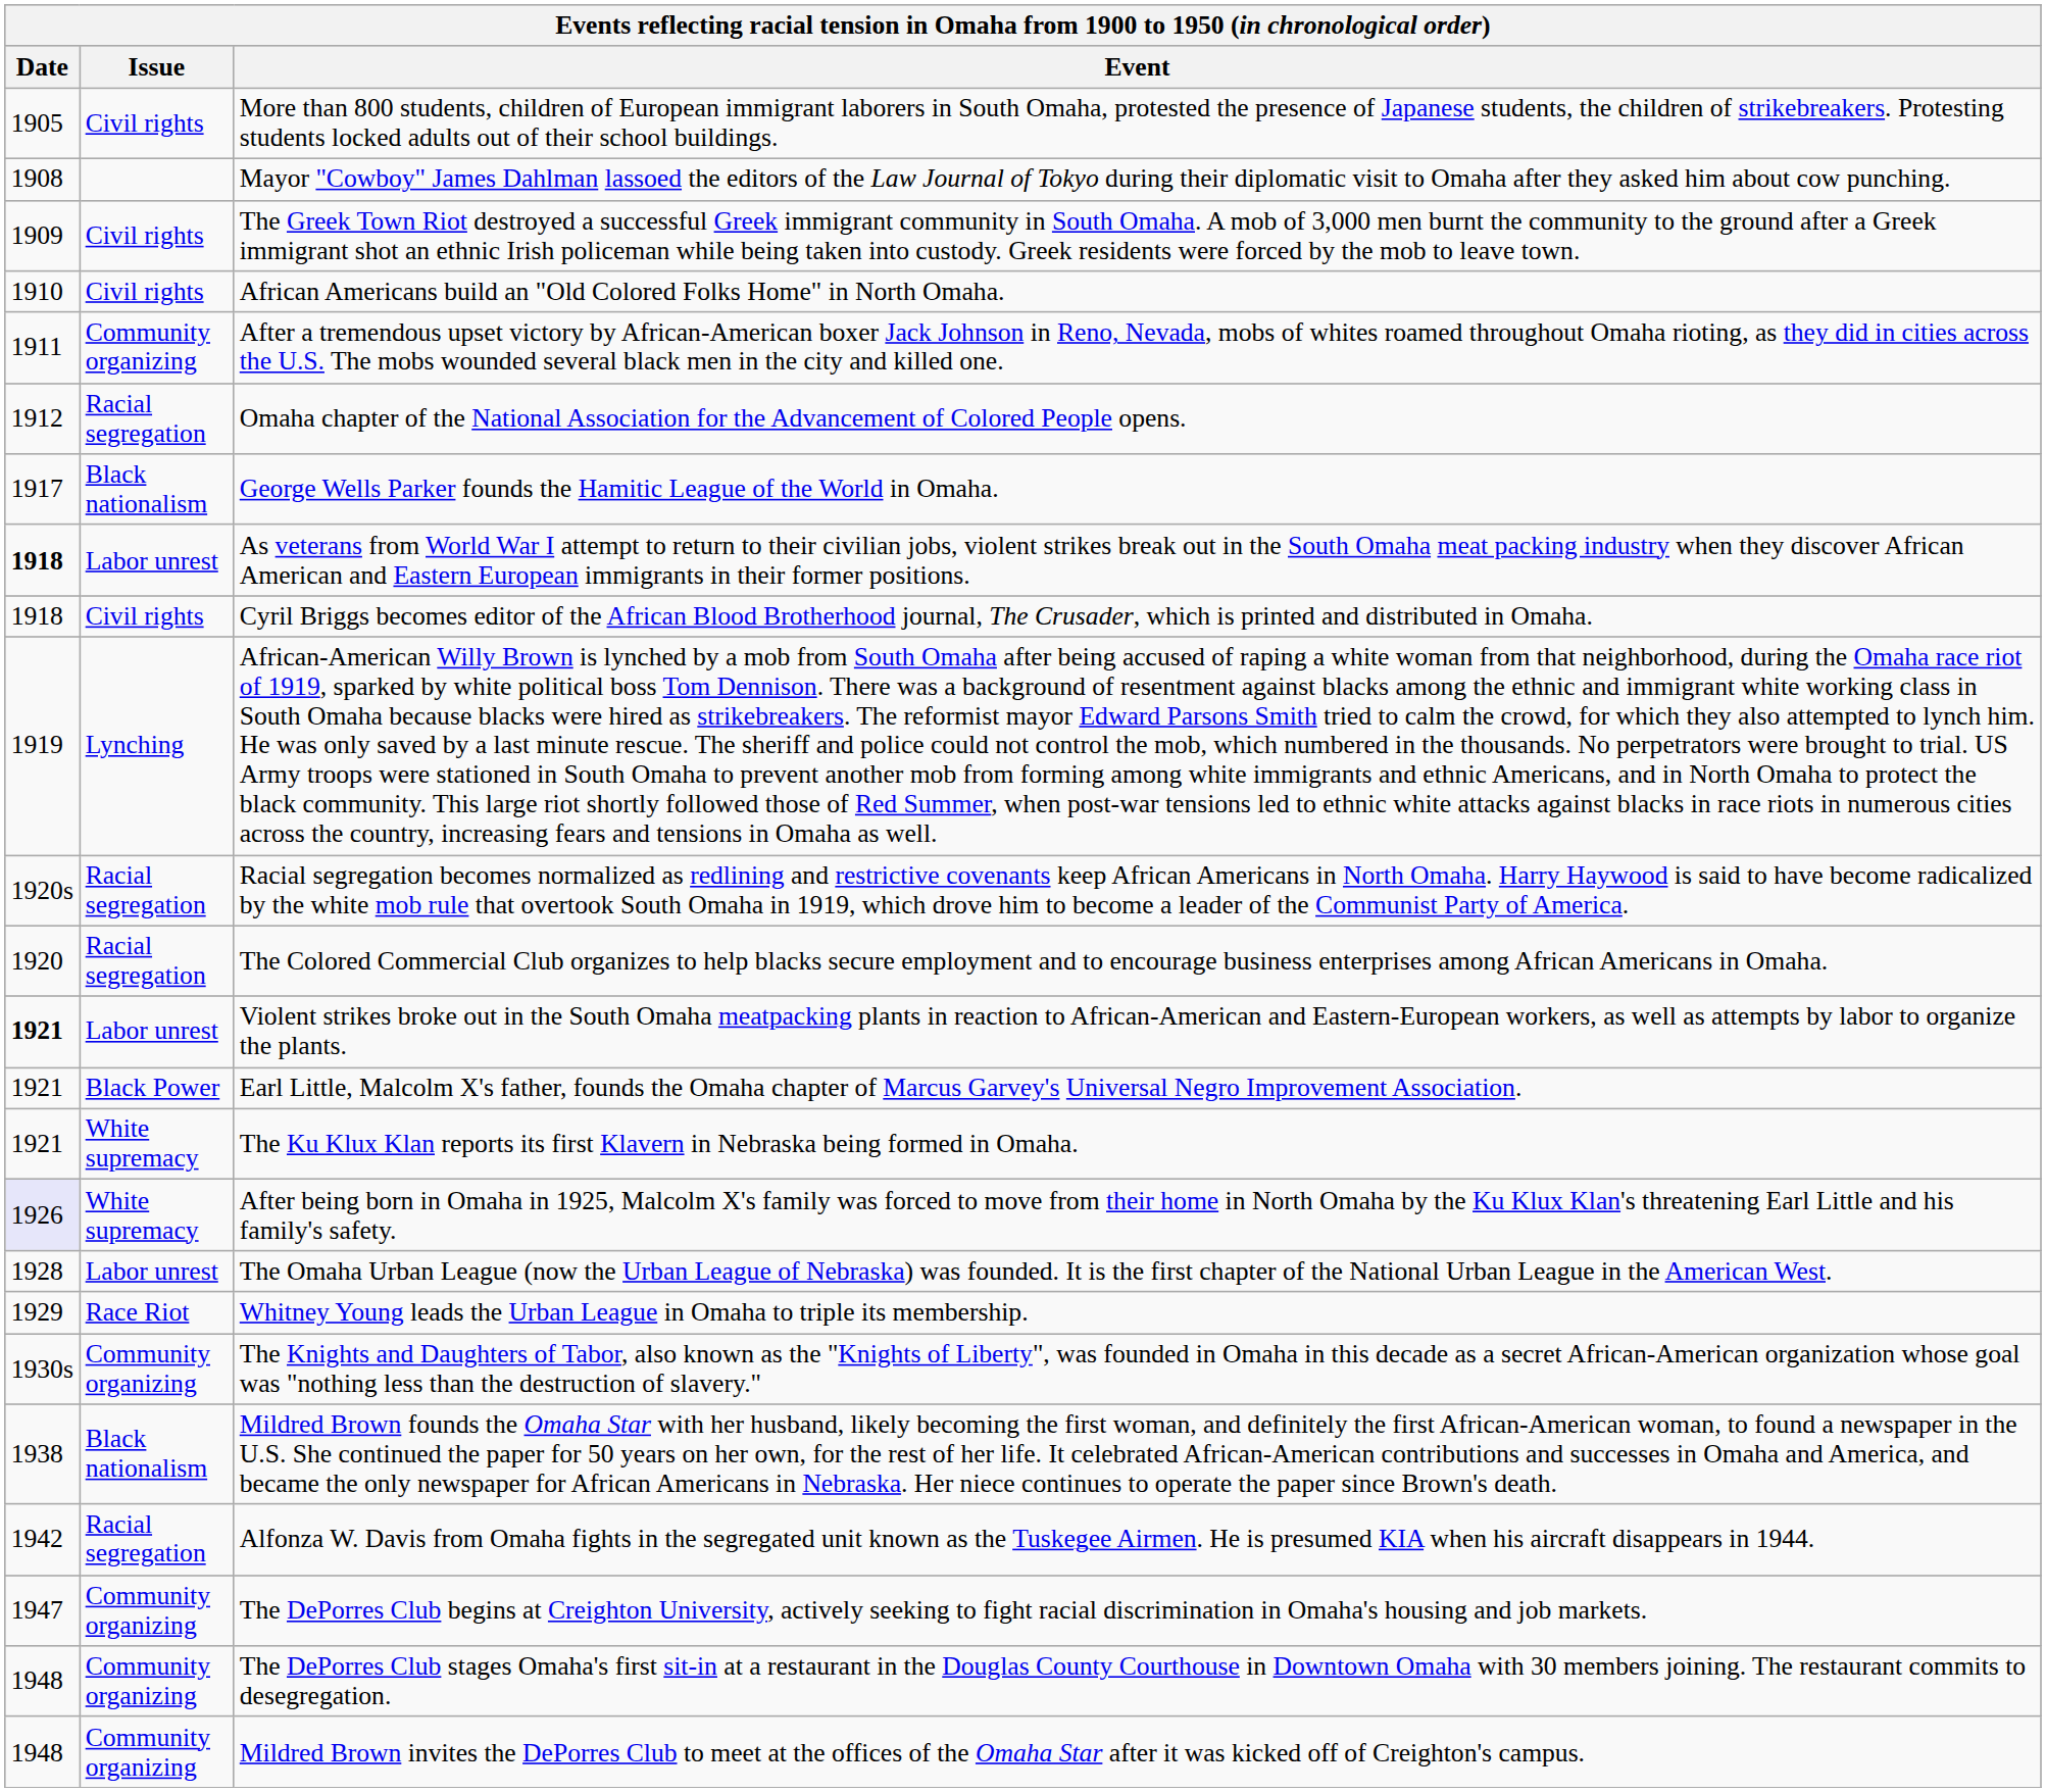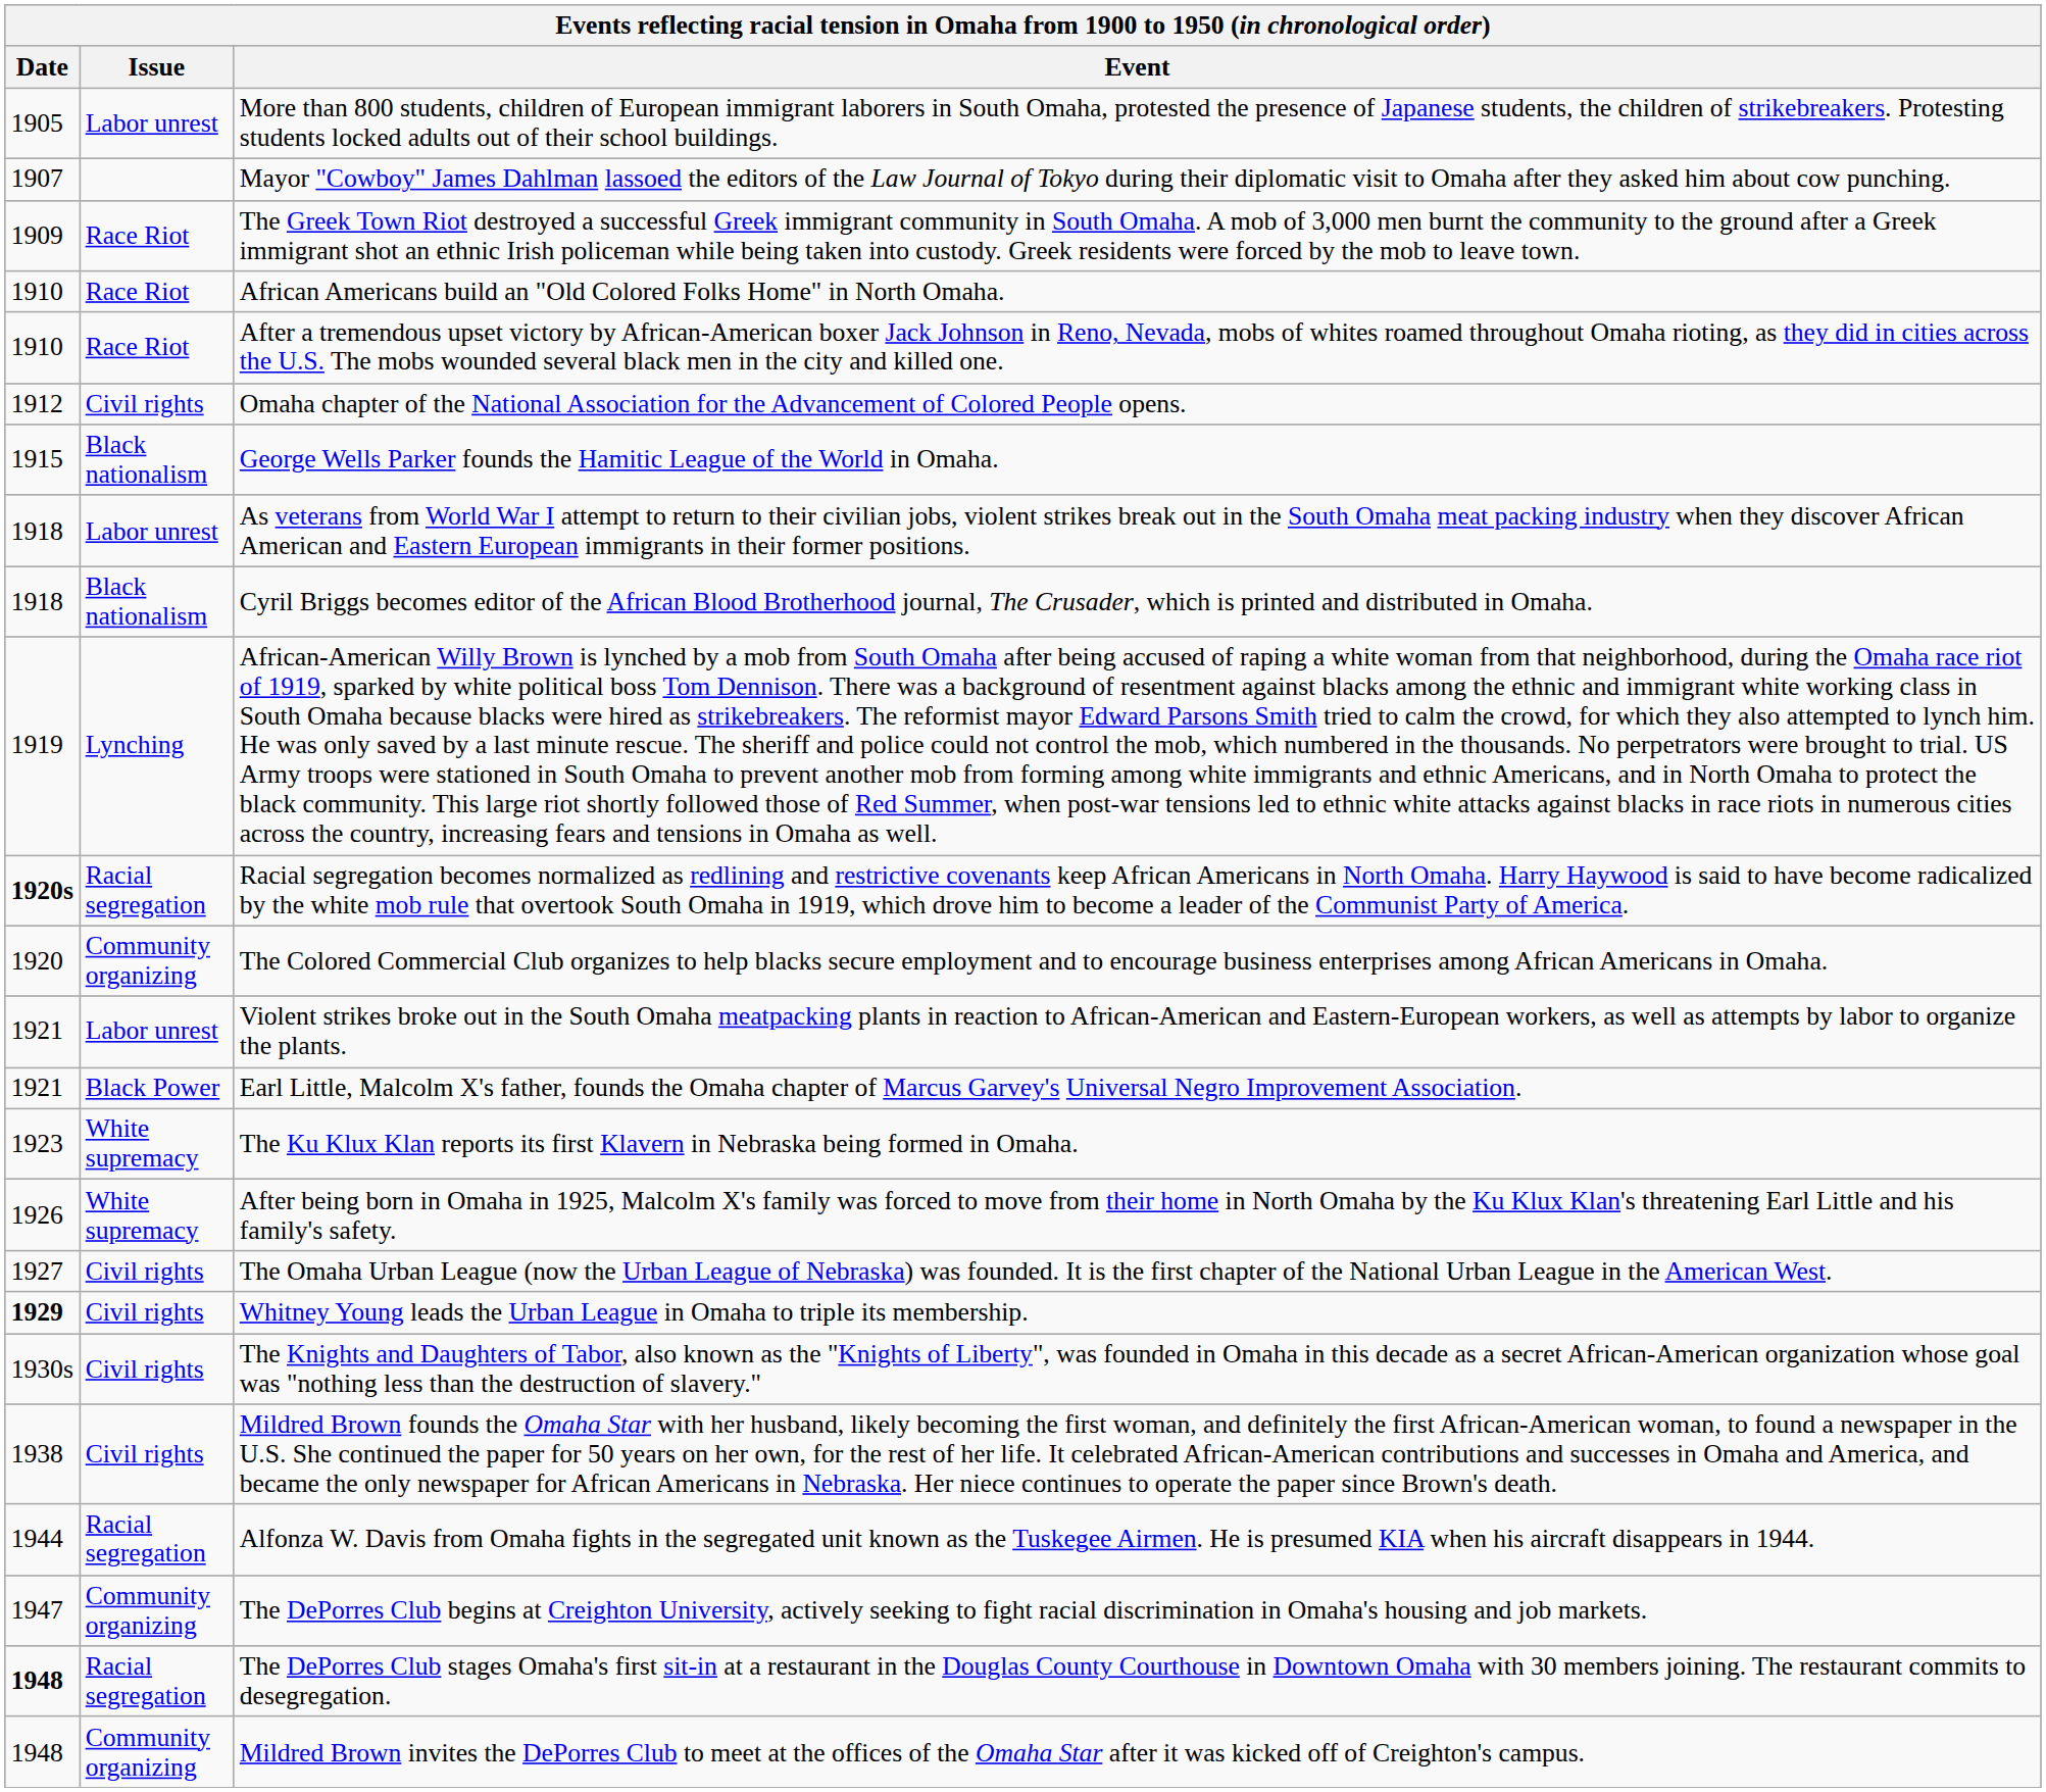 <table class="wikitable">
 <tr>
 <th align="center" colspan="6"><strong>Events reflecting racial tension in Omaha from 1900 to 1950</strong> (<em>in chronological order</em>)</th>
 </tr>
 <tr>
 <th>Date</th>
 <th>Issue</th>
 <th>Event</th>
 </tr>
 <tr>
 <td>1905</td>
-<td><a href='#'>Civil rights</a></td>
+<td><a href='#'>Labor unrest</a></td>
 <td>More than 800 students, children of European immigrant laborers in South Omaha, protested the presence of <a href='#'>Japanese</a> students, the children of <a href='#'>strikebreakers</a>. Protesting students locked adults out of their school buildings.</td>
 </tr>
 <tr>
-<td>1908</td>
+<td>1907</td>
 <td></td>
 <td>Mayor <a href='#'>"Cowboy" James Dahlman</a> <a href='#'>lassoed</a> the editors of the <em>Law Journal of Tokyo</em> during their diplomatic visit to Omaha after they asked him about cow punching.</td>
 </tr>
 <tr>
 <td>1909</td>
-<td><a href='#'>Civil rights</a></td>
+<td><a href='#'>Race Riot</a></td>
 <td>The <a href='#'>Greek Town Riot</a> destroyed a successful <a href='#'>Greek</a> immigrant community in <a href='#'>South Omaha</a>. A mob of 3,000 men burnt the community to the ground after a Greek immigrant shot an ethnic Irish policeman while being taken into custody. Greek residents were forced by the mob to leave town.</td>
 </tr>
 <tr>
 <td>1910</td>
-<td><a href='#'>Civil rights</a></td>
+<td><a href='#'>Race Riot</a></td>
 <td>African Americans build an "Old Colored Folks Home" in North Omaha.</td>
 </tr>
 <tr>
-<td>1911</td>
-<td><a href='#'>Community organizing</a></td>
+<td>1910</td>
+<td><a href='#'>Race Riot</a></td>
 <td>After a tremendous upset victory by African-American boxer <a href='#'>Jack Johnson</a> in <a href='#'>Reno, Nevada</a>, mobs of whites roamed throughout Omaha rioting, as <a href='#'>they did in cities across the U.S.</a> The mobs wounded several black men in the city and killed one.</td>
 </tr>
 <tr>
 <td>1912</td>
-<td><a href='#'>Racial segregation</a></td>
+<td><a href='#'>Civil rights</a></td>
 <td>Omaha chapter of the <a href='#'>National Association for the Advancement of Colored People</a> opens.</td>
 </tr>
 <tr>
-<td>1917</td>
+<td>1915</td>
 <td><a href='#'>Black nationalism</a></td>
 <td><a href='#'>George Wells Parker</a> founds the <a href='#'>Hamitic League of the World</a> in Omaha.</td>
 </tr>
 <tr>
-<td><strong>1918</strong></td>
+<td>1918</td>
 <td><a href='#'>Labor unrest</a></td>
 <td>As <a href='#'>veterans</a> from <a href='#'>World War I</a> attempt to return to their civilian jobs, violent strikes break out in the <a href='#'>South Omaha</a> <a href='#'>meat packing industry</a> when they discover African American and <a href='#'>Eastern European</a> immigrants in their former positions.</td>
 </tr>
 <tr>
 <td>1918</td>
-<td><a href='#'>Civil rights</a></td>
+<td><a href='#'>Black nationalism</a></td>
 <td>Cyril Briggs becomes editor of the <a href='#'>African Blood Brotherhood</a> journal, <em>The Crusader</em>, which is printed and distributed in Omaha.</td>
 </tr>
 <tr>
 <td>1919</td>
 <td><a href='#'>Lynching</a></td>
 <td>African-American <a href='#'>Willy Brown</a> is lynched by a mob from <a href='#'>South Omaha</a> after being accused of raping a white woman from that neighborhood, during the <a href='#'>Omaha race riot of 1919</a>, sparked by white political boss <a href='#'>Tom Dennison</a>. There was a background of resentment against blacks among the ethnic and immigrant white working class in South Omaha because blacks were hired as <a href='#'>strikebreakers</a>. The reformist mayor <a href='#'>Edward Parsons Smith</a> tried to calm the crowd, for which they also attempted to lynch him. He was only saved by a last minute rescue. The sheriff and police could not control the mob, which numbered in the thousands. No perpetrators were brought to trial. US Army troops were stationed in South Omaha to prevent another mob from forming among white immigrants and ethnic Americans, and in North Omaha to protect the black community. This large riot shortly followed those of <a href='#'>Red Summer</a>, when post-war tensions led to ethnic white attacks against blacks in race riots in numerous cities across the country, increasing fears and tensions in Omaha as well.</td>
 </tr>
 <tr>
-<td>1920s</td>
+<td><strong>1920s</strong></td>
 <td><a href='#'>Racial segregation</a></td>
 <td>Racial segregation becomes normalized as <a href='#'>redlining</a> and <a href='#'>restrictive covenants</a> keep African Americans in <a href='#'>North Omaha</a>. <a href='#'>Harry Haywood</a> is said to have become radicalized by the white <a href='#'>mob rule</a> that overtook South Omaha in 1919, which drove him to become a leader of the <a href='#'>Communist Party of America</a>.</td>
 </tr>
 <tr>
 <td>1920</td>
-<td><a href='#'>Racial segregation</a></td>
+<td><a href='#'>Community organizing</a></td>
 <td>The Colored Commercial Club organizes to help blacks secure employment and to encourage business enterprises among African Americans in Omaha.</td>
 </tr>
 <tr>
-<td><strong>1921</strong></td>
+<td>1921</td>
 <td><a href='#'>Labor unrest</a></td>
 <td>Violent strikes broke out in the South Omaha <a href='#'>meatpacking</a> plants in reaction to African-American and Eastern-European workers, as well as attempts by labor to organize the plants.</td>
 </tr>
 <tr>
 <td>1921</td>
 <td><a href='#'>Black Power</a></td>
 <td>Earl Little, Malcolm X's father, founds the Omaha chapter of <a href='#'>Marcus Garvey's</a> <a href='#'>Universal Negro Improvement Association</a>.</td>
 </tr>
 <tr>
-<td>1921</td>
+<td>1923</td>
 <td><a href='#'>White supremacy</a></td>
 <td>The <a href='#'>Ku Klux Klan</a> reports its first <a href='#'>Klavern</a> in Nebraska being formed in Omaha.</td>
 </tr>
 <tr>
-<td style="background: lavender;">1926</td>
+<td>1926</td>
 <td><a href='#'>White supremacy</a></td>
 <td>After being born in Omaha in 1925, Malcolm X's family was forced to move from <a href='#'>their home</a> in North Omaha by the <a href='#'>Ku Klux Klan</a>'s threatening Earl Little and his family's safety.</td>
 </tr>
 <tr>
-<td>1928</td>
-<td><a href='#'>Labor unrest</a></td>
+<td>1927</td>
+<td><a href='#'>Civil rights</a></td>
 <td>The Omaha Urban League (now the <a href='#'>Urban League of Nebraska</a>) was founded. It is the first chapter of the National Urban League in the <a href='#'>American West</a>.</td>
 </tr>
 <tr>
-<td>1929</td>
-<td><a href='#'>Race Riot</a></td>
+<td><strong>1929</strong></td>
+<td><a href='#'>Civil rights</a></td>
 <td><a href='#'>Whitney Young</a> leads the <a href='#'>Urban League</a> in Omaha to triple its membership.</td>
 </tr>
 <tr>
 <td>1930s</td>
-<td><a href='#'>Community organizing</a></td>
+<td><a href='#'>Civil rights</a></td>
 <td>The <a href='#'>Knights and Daughters of Tabor</a>, also known as the "<a href='#'>Knights of Liberty</a>", was founded in Omaha in this decade as a secret African-American organization whose goal was "nothing less than the destruction of slavery."</td>
 </tr>
 <tr>
 <td>1938</td>
-<td><a href='#'>Black nationalism</a></td>
+<td><a href='#'>Civil rights</a></td>
 <td><a href='#'>Mildred Brown</a> founds the <em><a href='#'>Omaha Star</a></em> with her husband, likely becoming the first woman, and definitely the first African-American woman, to found a newspaper in the U.S. She continued the paper for 50 years on her own, for the rest of her life.  It celebrated African-American contributions and successes in Omaha and America, and became the only newspaper for African Americans in <a href='#'>Nebraska</a>.  Her niece continues to operate the paper since Brown's death.</td>
 </tr>
 <tr>
-<td>1942</td>
+<td>1944</td>
 <td><a href='#'>Racial segregation</a></td>
 <td>Alfonza W. Davis from Omaha fights in the segregated unit known as the <a href='#'>Tuskegee Airmen</a>. He is presumed <a href='#'>KIA</a> when his aircraft disappears in 1944.</td>
 </tr>
 <tr>
 <td>1947</td>
 <td><a href='#'>Community organizing</a></td>
 <td>The <a href='#'>DePorres Club</a> begins at <a href='#'>Creighton University</a>, actively seeking to fight racial discrimination in Omaha's housing and job markets.</td>
 </tr>
 <tr>
-<td>1948</td>
-<td><a href='#'>Community organizing</a></td>
+<td><strong>1948</strong></td>
+<td><a href='#'>Racial segregation</a></td>
 <td>The <a href='#'>DePorres Club</a> stages Omaha's first <a href='#'>sit-in</a> at a restaurant in the <a href='#'>Douglas County Courthouse</a> in <a href='#'>Downtown Omaha</a> with 30 members joining. The restaurant commits to desegregation.</td>
 </tr>
 <tr>
 <td>1948</td>
 <td><a href='#'>Community organizing</a></td>
 <td><a href='#'>Mildred Brown</a> invites the <a href='#'>DePorres Club</a> to meet at the offices of the <em><a href='#'>Omaha Star</a></em> after it was kicked off of Creighton's campus.</td>
 </tr>
 <tr>
 </tr>
 </table>
